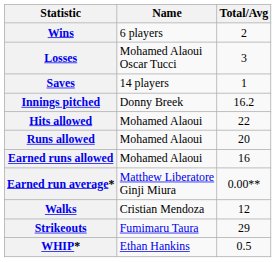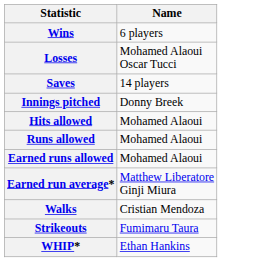 <table class="wikitable plainrowheaders">
 <tr>
 <th scope="col">Statistic</th>
 <th scope="col">Name</th>
-<th scope="col">Total/Avg</th>
 </tr>
 <tr>
 <th scope="row"><a href='#'>Wins</a></th>
 <td>6 players</td>
-<td align=center>2</td>
 </tr>
 <tr>
 <th scope="row"><a href='#'>Losses</a></th>
 <td> Mohamed Alaoui<br> Oscar Tucci</td>
-<td align=center>3</td>
 </tr>
 <tr>
 <th scope="row"><a href='#'>Saves</a></th>
 <td>14 players</td>
-<td align=center>1</td>
 </tr>
 <tr>
 <th scope="row"><a href='#'>Innings pitched</a></th>
 <td> Donny Breek</td>
-<td align=center>16.2</td>
 </tr>
 <tr>
 <th scope="row"><a href='#'>Hits allowed</a></th>
 <td> Mohamed Alaoui</td>
-<td align=center>22</td>
 </tr>
 <tr>
 <th scope="row"><a href='#'>Runs allowed</a></th>
 <td> Mohamed Alaoui</td>
-<td align=center>20</td>
 </tr>
 <tr>
 <th scope="row"><a href='#'>Earned runs allowed</a></th>
 <td> Mohamed Alaoui</td>
-<td align=center>16</td>
 </tr>
 <tr>
 <th scope="row"><a href='#'>Earned run average</a>*</th>
 <td> <a href='#'>Matthew Liberatore</a><br> Ginji Miura</td>
-<td align=center>0.00**</td>
 </tr>
 <tr>
 <th scope="row"><a href='#'>Walks</a></th>
 <td> Cristian Mendoza</td>
-<td align=center>12</td>
 </tr>
 <tr>
 <th scope="row"><a href='#'>Strikeouts</a></th>
 <td> <a href='#'>Fumimaru Taura</a></td>
-<td align=center>29</td>
 </tr>
 <tr>
 <th scope="row"><a href='#'>WHIP</a>*</th>
 <td> <a href='#'>Ethan Hankins</a></td>
-<td align=center>0.5</td>
 </tr>
 </table>
